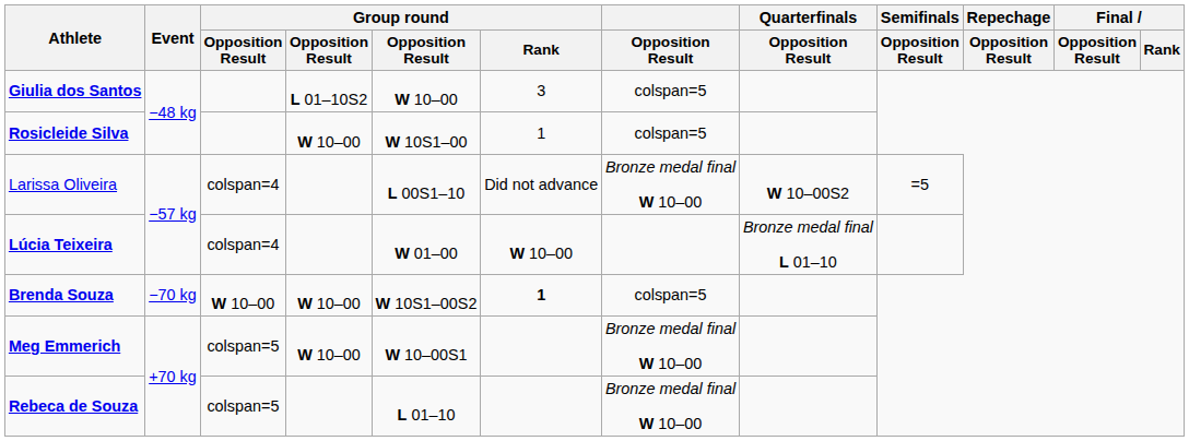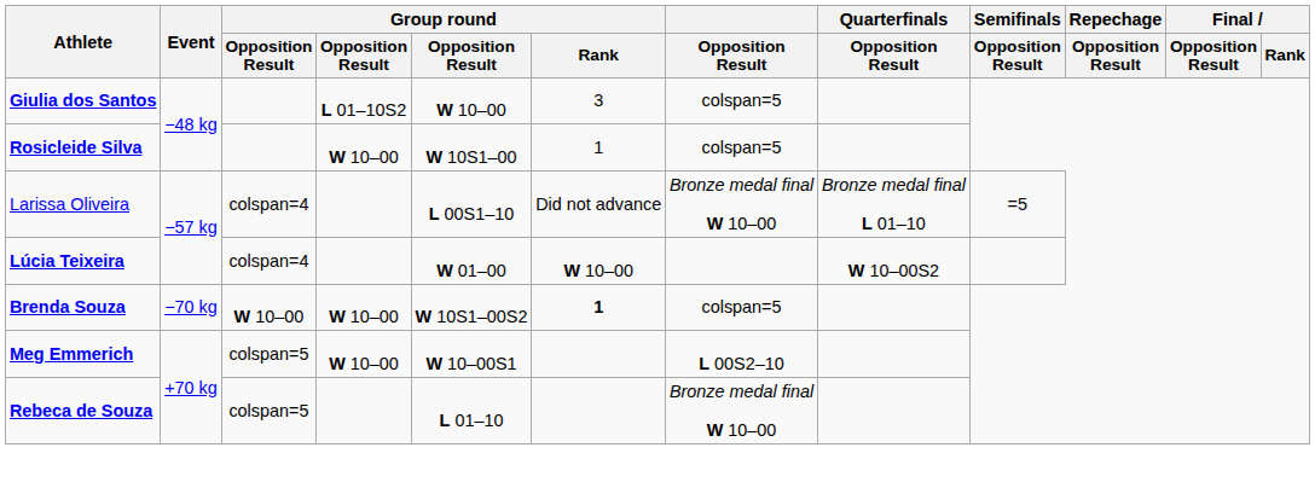 <table class="wikitable" style="font-size:90%">
 <tr>
 <th rowspan="2">Athlete</th>
 <th rowspan="2">Event</th>
 <th colspan="4">Group round</th>
 <th></th>
 <th>Quarterfinals</th>
 <th>Semifinals</th>
 <th>Repechage</th>
 <th colspan="2">Final / </th>
 </tr>
 <tr style="font-size:95%">
 <th>Opposition<br>Result</th>
 <th>Opposition<br>Result</th>
 <th>Opposition<br>Result</th>
 <th>Rank</th>
 <th>Opposition<br>Result</th>
 <th>Opposition<br>Result</th>
 <th>Opposition<br>Result</th>
 <th>Opposition<br>Result</th>
 <th>Opposition<br>Result</th>
 <th>Rank</th>
 </tr>
 <tr align=center>
 <td align=left><strong><a href='#'>Giulia dos Santos</a></strong></td>
 <td align=left rowspan=2><a href='#'>−48 kg</a></td>
 <td><br></td>
 <td><br><strong>L</strong> 01–10S2</td>
 <td><br><strong>W</strong> 10–00</td>
 <td>3</td>
 <td>colspan=5 </td>
 <td></td>
 </tr>
 <tr align=center>
 <td align=left><strong><a href='#'>Rosicleide Silva</a></strong></td>
 <td><br></td>
 <td><br><strong>W</strong> 10–00</td>
 <td><br><strong>W</strong> 10S1–00</td>
 <td>1</td>
 <td>colspan=5 </td>
 <td></td>
 </tr>
 <tr align=center>
 <td align=left><a href='#'>Larissa Oliveira</a></td>
 <td align=left rowspan=2><a href='#'>−57 kg</a></td>
 <td>colspan=4 </td>
 <td></td>
 <td><br><strong>L</strong> 00S1–10</td>
 <td>Did not advance</td>
 <td><em>Bronze medal final</em><br><br><strong>W</strong> 10–00</td>
-<td><br><strong>W</strong> 10–00S2</td>
+<td><em>Bronze medal final</em><br><br><strong>L</strong> 01–10</td>
 <td>=5</td>
 </tr>
 <tr align=center>
 <td align=left><strong><a href='#'>Lúcia Teixeira</a></strong></td>
 <td>colspan=4 </td>
 <td></td>
 <td><br><strong>W</strong> 01–00</td>
 <td><br><strong>W</strong> 10–00</td>
 <td></td>
-<td><em>Bronze medal final</em><br><br><strong>L</strong> 01–10</td>
+<td><br><strong>W</strong> 10–00S2</td>
 <td></td>
 </tr>
 <tr align=center>
 <td align=left><strong><a href='#'>Brenda Souza</a></strong></td>
 <td align=left><a href='#'>−70 kg</a></td>
 <td><br><strong>W</strong> 10–00</td>
 <td><br><strong>W</strong> 10–00</td>
 <td><br><strong>W</strong> 10S1–00S2</td>
 <td><strong>1</strong></td>
 <td>colspan=5 </td>
 <td></td>
 </tr>
 <tr align=center>
 <td align=left><strong><a href='#'>Meg Emmerich</a></strong></td>
 <td align=left rowspan=2><a href='#'>+70 kg</a></td>
 <td>colspan=5 </td>
 <td><br><strong>W</strong> 10–00</td>
 <td><br><strong>W</strong> 10–00S1</td>
 <td></td>
-<td><em>Bronze medal final</em><br><br><strong>W</strong> 10–00</td>
+<td><br><strong>L</strong> 00S2–10</td>
 <td></td>
 </tr>
 <tr align=center>
 <td align=left><strong><a href='#'>Rebeca de Souza</a></strong></td>
 <td>colspan=5 </td>
 <td></td>
 <td><br><strong>L</strong> 01–10</td>
 <td></td>
 <td><em>Bronze medal final</em><br><br><strong>W</strong> 10–00</td>
 <td></td>
 </tr>
 </table>
